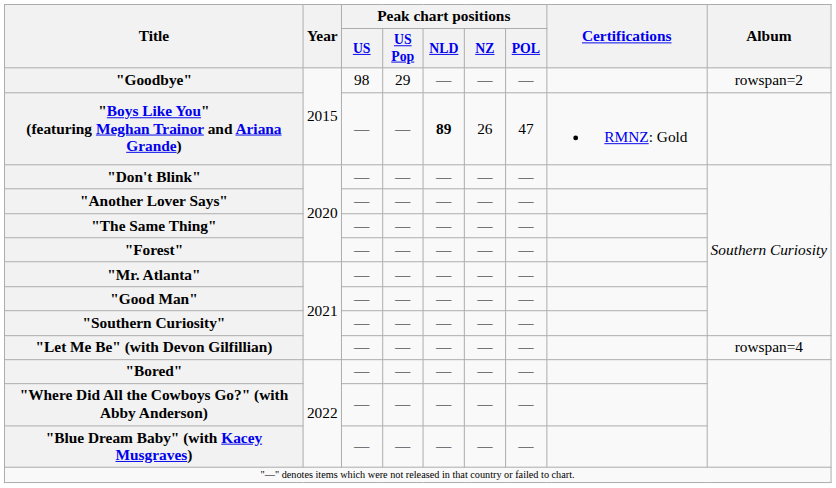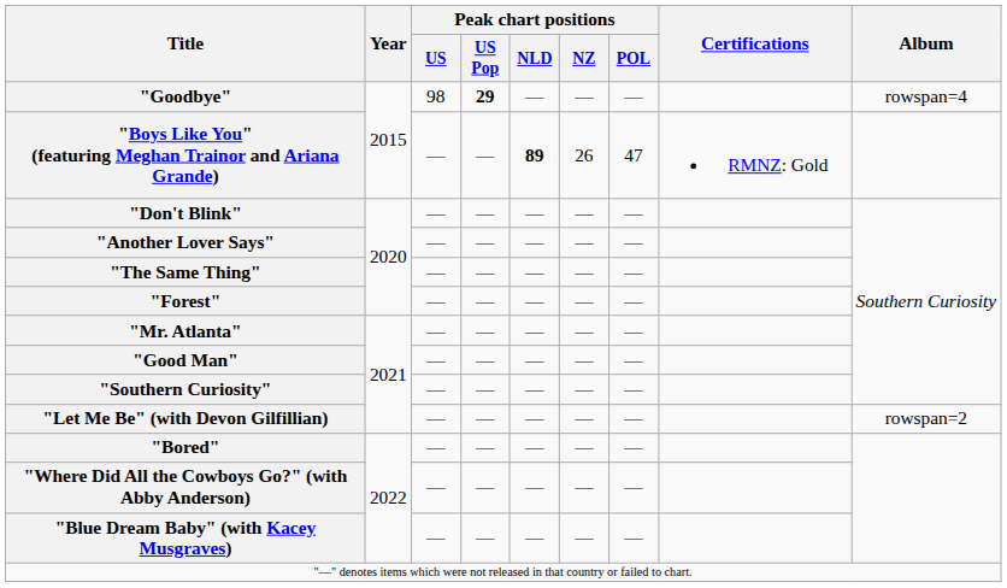 <table class="wikitable plainrowheaders" style="text-align:center;" border="1">
 <tr>
 <th scope="col" rowspan="2" style="width:19em;">Title</th>
 <th scope="col" rowspan="2">Year</th>
 <th scope="col" colspan="5">Peak chart positions</th>
 <th scope="col" rowspan="2" style="width:10em;"><a href='#'>Certifications</a></th>
 <th scope="col" rowspan="2">Album</th>
 </tr>
 <tr>
 <th scope="col" style="width:2.5em;font-size:90%;"><a href='#'>US</a><br></th>
 <th scope="col" style="width:2.5em;font-size:90%;"><a href='#'>US<br>Pop</a><br></th>
 <th scope="col" style="width:2.5em;font-size:90%;"><a href='#'>NLD</a><br></th>
 <th scope="col" style="width:2.5em;font-size:90%;"><a href='#'>NZ</a><br></th>
 <th scope="col" style="width:2.5em;font-size:90%;"><a href='#'>POL</a><br></th>
 </tr>
 <tr>
 <th scope="row">"Goodbye"</th>
 <td rowspan="2">2015</td>
 <td>98</td>
-<td>29</td>
+<td><strong>29</strong></td>
 <td>—</td>
 <td>—</td>
 <td>—</td>
 <td></td>
-<td>rowspan=2 </td>
+<td>rowspan=4 </td>
 </tr>
 <tr>
 <th scope="row">"<a href='#'>Boys Like You</a>"<br><span>(featuring <a href='#'>Meghan Trainor</a> and <a href='#'>Ariana Grande</a>)</span></th>
 <td>—</td>
 <td>—</td>
 <td><strong>89</strong></td>
 <td>26</td>
 <td>47</td>
 <td><br><ul><li><a href='#'>RMNZ</a>: Gold</li></ul></td>
 </tr>
 <tr>
 <th scope="row">"Don't Blink"</th>
 <td rowspan="4">2020</td>
 <td>—</td>
 <td>—</td>
 <td>—</td>
 <td>—</td>
 <td>—</td>
 <td></td>
 <td rowspan=7><em>Southern Curiosity</em></td>
 </tr>
 <tr>
 <th scope="row">"Another Lover Says"</th>
 <td>—</td>
 <td>—</td>
 <td>—</td>
 <td>—</td>
 <td>—</td>
 <td></td>
 </tr>
 <tr>
 <th scope="row">"The Same Thing"</th>
 <td>—</td>
 <td>—</td>
 <td>—</td>
 <td>—</td>
 <td>—</td>
 <td></td>
 </tr>
 <tr>
 <th scope="row">"Forest"</th>
 <td>—</td>
 <td>—</td>
 <td>—</td>
 <td>—</td>
 <td>—</td>
 <td></td>
 </tr>
 <tr>
 <th scope="row">"Mr. Atlanta"</th>
 <td rowspan="4">2021</td>
 <td>—</td>
 <td>—</td>
 <td>—</td>
 <td>—</td>
 <td>—</td>
 <td></td>
 </tr>
 <tr>
 <th scope="row">"Good Man"</th>
 <td>—</td>
 <td>—</td>
 <td>—</td>
 <td>—</td>
 <td>—</td>
 <td></td>
 </tr>
 <tr>
 <th scope="row">"Southern Curiosity"</th>
 <td>—</td>
 <td>—</td>
 <td>—</td>
 <td>—</td>
 <td>—</td>
 <td></td>
 </tr>
 <tr>
 <th scope="row">"Let Me Be" (with Devon Gilfillian)</th>
 <td>—</td>
 <td>—</td>
 <td>—</td>
 <td>—</td>
 <td>—</td>
 <td></td>
-<td>rowspan=4 </td>
+<td>rowspan=2 </td>
 </tr>
 <tr>
 <th scope="row">"Bored"</th>
 <td rowspan="3">2022</td>
 <td>—</td>
 <td>—</td>
 <td>—</td>
 <td>—</td>
 <td>—</td>
 <td></td>
 </tr>
 <tr>
 <th scope="row">"Where Did All the Cowboys Go?" (with Abby Anderson)</th>
 <td>—</td>
 <td>—</td>
 <td>—</td>
 <td>—</td>
 <td>—</td>
 <td></td>
 </tr>
 <tr>
 <th scope="row">"Blue Dream Baby" (with <a href='#'>Kacey Musgraves</a>)</th>
 <td>—</td>
 <td>—</td>
 <td>—</td>
 <td>—</td>
 <td>—</td>
 <td></td>
 </tr>
 <tr>
 <td align="center" colspan="14" style="font-size:8pt">"—" denotes items which were not released in that country or failed to chart.</td>
 </tr>
 </table>
